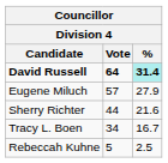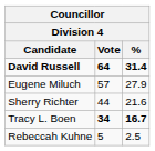 <table class="wikitable collapsible collapsed" align="right">
 <tr>
 <th colspan=3>Councillor</th>
 </tr>
 <tr>
 <th colspan=3>Division 4</th>
 </tr>
 <tr>
 <th>Candidate</th>
 <th>Vote</th>
 <th>%</th>
 </tr>
 <tr>
 <td><strong>David Russell</strong></td>
 <td><strong>64</strong></td>
-<td style="background: paleturquoise;"><strong>31.4</strong></td>
+<td><strong>31.4</strong></td>
 </tr>
 <tr>
 <td>Eugene Miluch</td>
 <td>57</td>
 <td>27.9</td>
 </tr>
 <tr>
 <td>Sherry Richter</td>
 <td>44</td>
 <td>21.6</td>
 </tr>
 <tr>
 <td>Tracy L. Boen</td>
-<td>34</td>
-<td>16.7</td>
+<td><strong>34</strong></td>
+<td><strong>16.7</strong></td>
 </tr>
 <tr>
 <td>Rebeccah Kuhne</td>
 <td>5</td>
 <td>2.5</td>
 </tr>
 </table>
